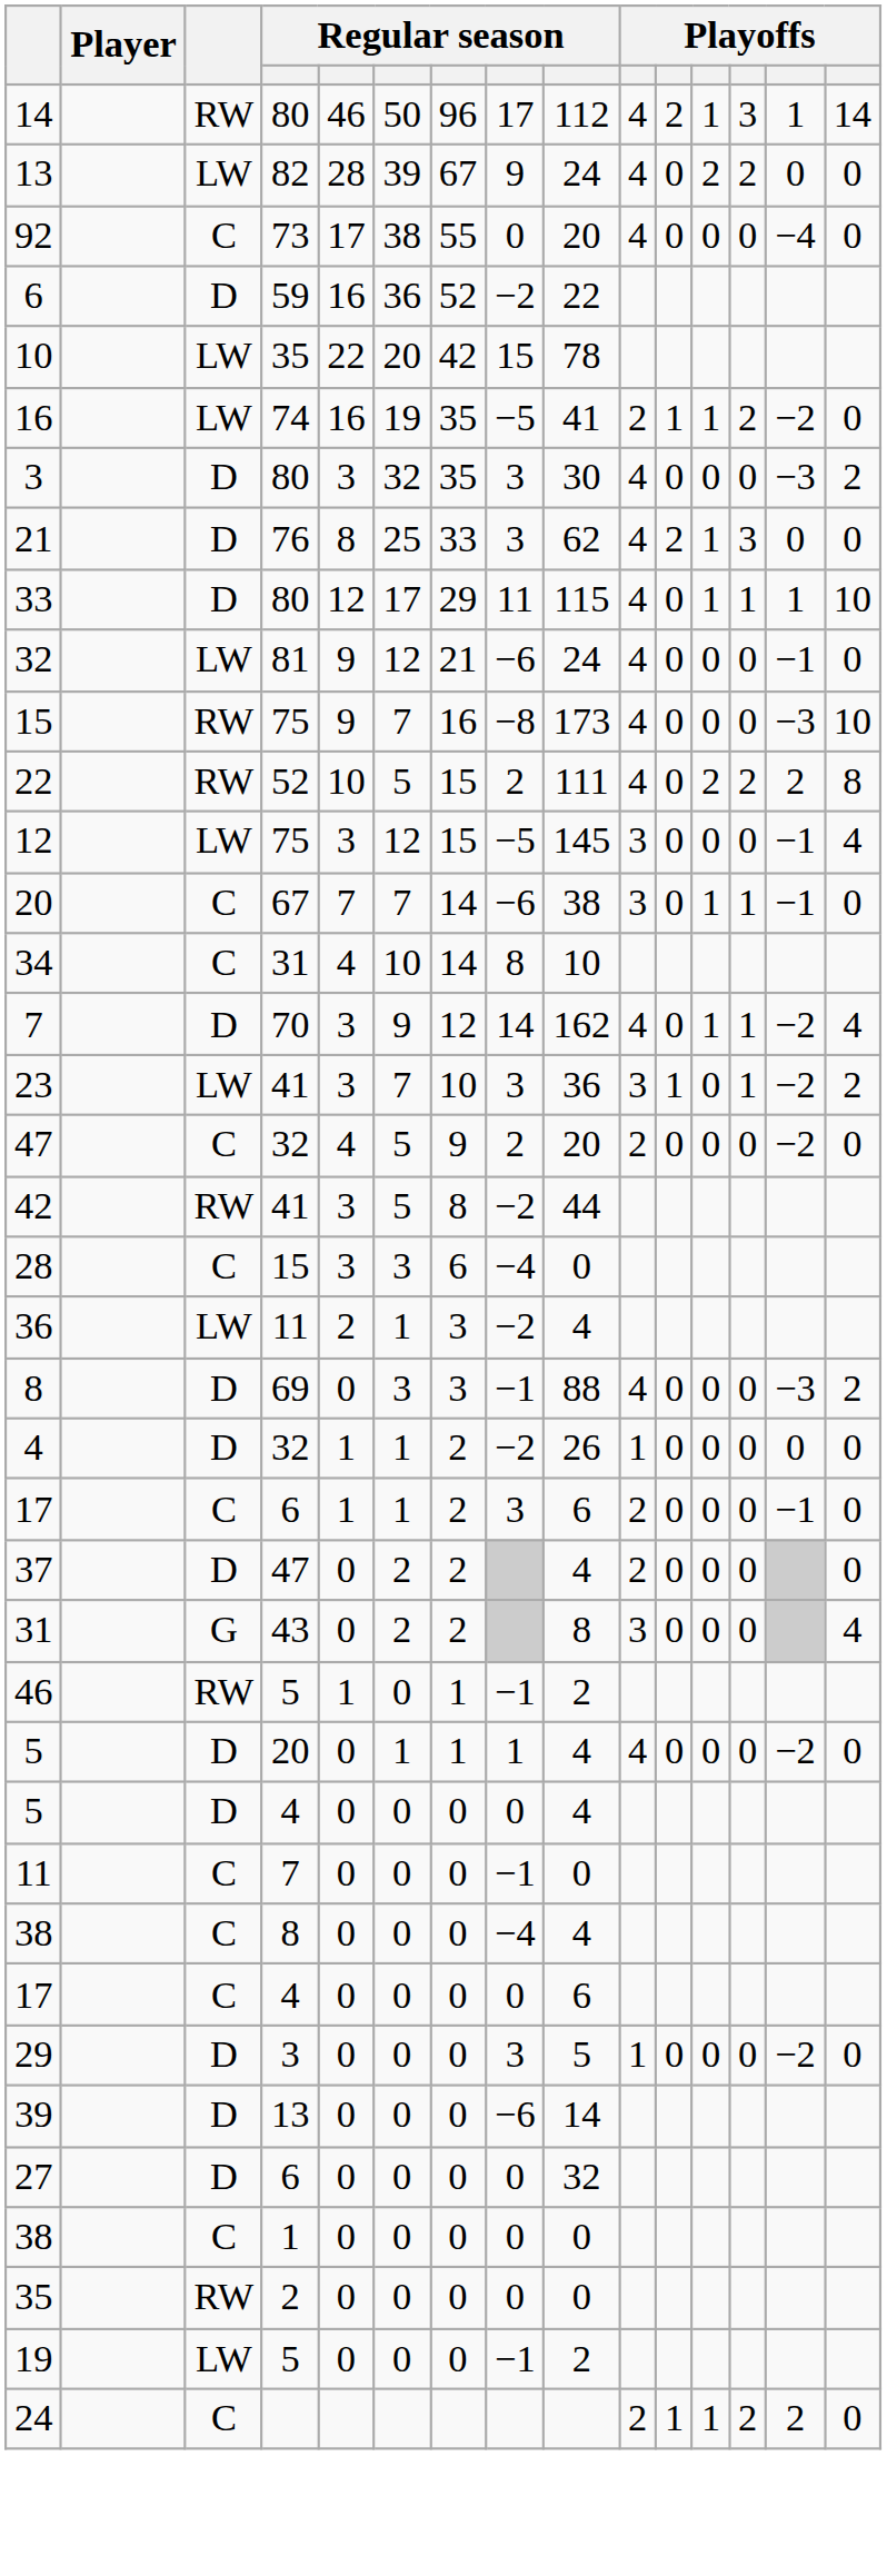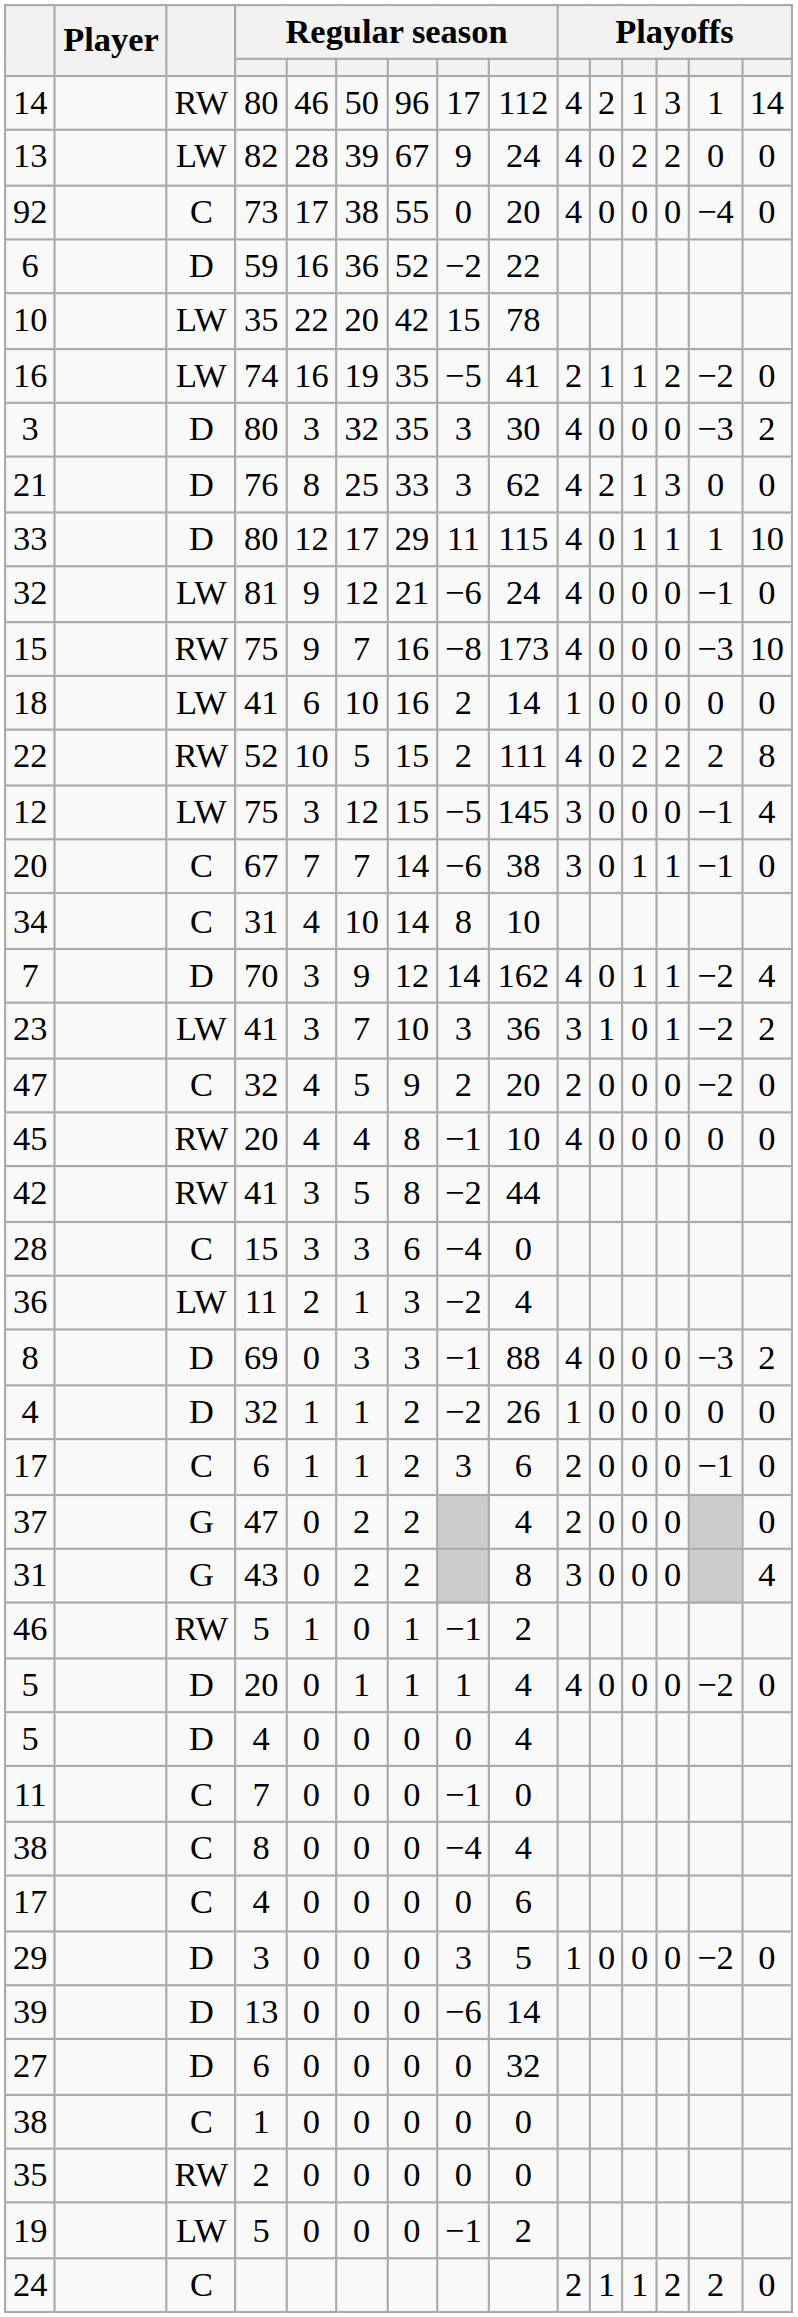 <table class="wikitable sortable plainrowheaders" style="text-align:center;">
 <tr>
 <th scope="col" data-sort-type="number" rowspan="2"></th>
 <th scope="col" rowspan="2">Player</th>
 <th scope="col" rowspan="2"></th>
 <th scope=colgroup colspan=6>Regular season</th>
 <th scope=colgroup colspan=6>Playoffs</th>
 </tr>
 <tr>
 <th scope="col" data-sort-type="number"></th>
 <th scope="col" data-sort-type="number"></th>
 <th scope="col" data-sort-type="number"></th>
 <th scope="col" data-sort-type="number"></th>
 <th scope="col" data-sort-type="number"></th>
 <th scope="col" data-sort-type="number"></th>
 <th scope="col" data-sort-type="number"></th>
 <th scope="col" data-sort-type="number"></th>
 <th scope="col" data-sort-type="number"></th>
 <th scope="col" data-sort-type="number"></th>
 <th scope="col" data-sort-type="number"></th>
 <th scope="col" data-sort-type="number"></th>
 </tr>
 <tr>
 <td scope="row">14</td>
 <td align="left"></td>
 <td>RW</td>
 <td>80</td>
 <td>46</td>
 <td>50</td>
 <td>96</td>
 <td>17</td>
 <td>112</td>
 <td>4</td>
 <td>2</td>
 <td>1</td>
 <td>3</td>
 <td>1</td>
 <td>14</td>
 </tr>
 <tr>
 <td scope="row">13</td>
 <td align="left"></td>
 <td>LW</td>
 <td>82</td>
 <td>28</td>
 <td>39</td>
 <td>67</td>
 <td>9</td>
 <td>24</td>
 <td>4</td>
 <td>0</td>
 <td>2</td>
 <td>2</td>
 <td>0</td>
 <td>0</td>
 </tr>
 <tr>
 <td scope="row">92</td>
 <td align="left"></td>
 <td>C</td>
 <td>73</td>
 <td>17</td>
 <td>38</td>
 <td>55</td>
 <td>0</td>
 <td>20</td>
 <td>4</td>
 <td>0</td>
 <td>0</td>
 <td>0</td>
 <td>−4</td>
 <td>0</td>
 </tr>
 <tr>
 <td scope="row">6</td>
 <td align="left"></td>
 <td>D</td>
 <td>59</td>
 <td>16</td>
 <td>36</td>
 <td>52</td>
 <td>−2</td>
 <td>22</td>
 <td></td>
 <td></td>
 <td></td>
 <td></td>
 <td></td>
 <td></td>
 </tr>
 <tr>
 <td scope="row">10</td>
 <td align="left"></td>
 <td>LW</td>
 <td>35</td>
 <td>22</td>
 <td>20</td>
 <td>42</td>
 <td>15</td>
 <td>78</td>
 <td></td>
 <td></td>
 <td></td>
 <td></td>
 <td></td>
 <td></td>
 </tr>
 <tr>
 <td scope="row">16</td>
 <td align="left"></td>
 <td>LW</td>
 <td>74</td>
 <td>16</td>
 <td>19</td>
 <td>35</td>
 <td>−5</td>
 <td>41</td>
 <td>2</td>
 <td>1</td>
 <td>1</td>
 <td>2</td>
 <td>−2</td>
 <td>0</td>
 </tr>
 <tr>
 <td scope="row">3</td>
 <td align="left"></td>
 <td>D</td>
 <td>80</td>
 <td>3</td>
 <td>32</td>
 <td>35</td>
 <td>3</td>
 <td>30</td>
 <td>4</td>
 <td>0</td>
 <td>0</td>
 <td>0</td>
 <td>−3</td>
 <td>2</td>
 </tr>
 <tr>
 <td scope="row">21</td>
 <td align="left"></td>
 <td>D</td>
 <td>76</td>
 <td>8</td>
 <td>25</td>
 <td>33</td>
 <td>3</td>
 <td>62</td>
 <td>4</td>
 <td>2</td>
 <td>1</td>
 <td>3</td>
 <td>0</td>
 <td>0</td>
 </tr>
 <tr>
 <td scope="row">33</td>
 <td align="left"></td>
 <td>D</td>
 <td>80</td>
 <td>12</td>
 <td>17</td>
 <td>29</td>
 <td>11</td>
 <td>115</td>
 <td>4</td>
 <td>0</td>
 <td>1</td>
 <td>1</td>
 <td>1</td>
 <td>10</td>
 </tr>
 <tr>
 <td scope="row">32</td>
 <td align="left"></td>
 <td>LW</td>
 <td>81</td>
 <td>9</td>
 <td>12</td>
 <td>21</td>
 <td>−6</td>
 <td>24</td>
 <td>4</td>
 <td>0</td>
 <td>0</td>
 <td>0</td>
 <td>−1</td>
 <td>0</td>
 </tr>
 <tr>
 <td scope="row">15</td>
 <td align="left"></td>
 <td>RW</td>
 <td>75</td>
 <td>9</td>
 <td>7</td>
 <td>16</td>
 <td>−8</td>
 <td>173</td>
 <td>4</td>
 <td>0</td>
 <td>0</td>
 <td>0</td>
 <td>−3</td>
 <td>10</td>
 </tr>
 <tr>
+<td scope="row">18</td>
+<td align="left"></td>
+<td>LW</td>
+<td>41</td>
+<td>6</td>
+<td>10</td>
+<td>16</td>
+<td>2</td>
+<td>14</td>
+<td>1</td>
+<td>0</td>
+<td>0</td>
+<td>0</td>
+<td>0</td>
+<td>0</td>
+</tr>
+<tr>
 <td scope="row">22</td>
 <td align="left"></td>
 <td>RW</td>
 <td>52</td>
 <td>10</td>
 <td>5</td>
 <td>15</td>
 <td>2</td>
 <td>111</td>
 <td>4</td>
 <td>0</td>
 <td>2</td>
 <td>2</td>
 <td>2</td>
 <td>8</td>
 </tr>
 <tr>
 <td scope="row">12</td>
 <td align="left"></td>
 <td>LW</td>
 <td>75</td>
 <td>3</td>
 <td>12</td>
 <td>15</td>
 <td>−5</td>
 <td>145</td>
 <td>3</td>
 <td>0</td>
 <td>0</td>
 <td>0</td>
 <td>−1</td>
 <td>4</td>
 </tr>
 <tr>
 <td scope="row">20</td>
 <td align="left"></td>
 <td>C</td>
 <td>67</td>
 <td>7</td>
 <td>7</td>
 <td>14</td>
 <td>−6</td>
 <td>38</td>
 <td>3</td>
 <td>0</td>
 <td>1</td>
 <td>1</td>
 <td>−1</td>
 <td>0</td>
 </tr>
 <tr>
 <td scope="row">34</td>
 <td align="left"></td>
 <td>C</td>
 <td>31</td>
 <td>4</td>
 <td>10</td>
 <td>14</td>
 <td>8</td>
 <td>10</td>
 <td></td>
 <td></td>
 <td></td>
 <td></td>
 <td></td>
 <td></td>
 </tr>
 <tr>
 <td scope="row">7</td>
 <td align="left"></td>
 <td>D</td>
 <td>70</td>
 <td>3</td>
 <td>9</td>
 <td>12</td>
 <td>14</td>
 <td>162</td>
 <td>4</td>
 <td>0</td>
 <td>1</td>
 <td>1</td>
 <td>−2</td>
 <td>4</td>
 </tr>
 <tr>
 <td scope="row">23</td>
 <td align="left"></td>
 <td>LW</td>
 <td>41</td>
 <td>3</td>
 <td>7</td>
 <td>10</td>
 <td>3</td>
 <td>36</td>
 <td>3</td>
 <td>1</td>
 <td>0</td>
 <td>1</td>
 <td>−2</td>
 <td>2</td>
 </tr>
 <tr>
 <td scope="row">47</td>
 <td align="left"></td>
 <td>C</td>
 <td>32</td>
 <td>4</td>
 <td>5</td>
 <td>9</td>
 <td>2</td>
 <td>20</td>
 <td>2</td>
 <td>0</td>
 <td>0</td>
 <td>0</td>
 <td>−2</td>
 <td>0</td>
 </tr>
 <tr>
+<td scope="row">45</td>
+<td align="left"></td>
+<td>RW</td>
+<td>20</td>
+<td>4</td>
+<td>4</td>
+<td>8</td>
+<td>−1</td>
+<td>10</td>
+<td>4</td>
+<td>0</td>
+<td>0</td>
+<td>0</td>
+<td>0</td>
+<td>0</td>
+</tr>
+<tr>
 <td scope="row">42</td>
 <td align="left"></td>
 <td>RW</td>
 <td>41</td>
 <td>3</td>
 <td>5</td>
 <td>8</td>
 <td>−2</td>
 <td>44</td>
 <td></td>
 <td></td>
 <td></td>
 <td></td>
 <td></td>
 <td></td>
 </tr>
 <tr>
 <td scope="row">28</td>
 <td align="left"></td>
 <td>C</td>
 <td>15</td>
 <td>3</td>
 <td>3</td>
 <td>6</td>
 <td>−4</td>
 <td>0</td>
 <td></td>
 <td></td>
 <td></td>
 <td></td>
 <td></td>
 <td></td>
 </tr>
 <tr>
 <td scope="row">36</td>
 <td align="left"></td>
 <td>LW</td>
 <td>11</td>
 <td>2</td>
 <td>1</td>
 <td>3</td>
 <td>−2</td>
 <td>4</td>
 <td></td>
 <td></td>
 <td></td>
 <td></td>
 <td></td>
 <td></td>
 </tr>
 <tr>
 <td scope="row">8</td>
 <td align="left"></td>
 <td>D</td>
 <td>69</td>
 <td>0</td>
 <td>3</td>
 <td>3</td>
 <td>−1</td>
 <td>88</td>
 <td>4</td>
 <td>0</td>
 <td>0</td>
 <td>0</td>
 <td>−3</td>
 <td>2</td>
 </tr>
 <tr>
 <td scope="row">4</td>
 <td align="left"></td>
 <td>D</td>
 <td>32</td>
 <td>1</td>
 <td>1</td>
 <td>2</td>
 <td>−2</td>
 <td>26</td>
 <td>1</td>
 <td>0</td>
 <td>0</td>
 <td>0</td>
 <td>0</td>
 <td>0</td>
 </tr>
 <tr>
 <td scope="row">17</td>
 <td align="left"></td>
 <td>C</td>
 <td>6</td>
 <td>1</td>
 <td>1</td>
 <td>2</td>
 <td>3</td>
 <td>6</td>
 <td>2</td>
 <td>0</td>
 <td>0</td>
 <td>0</td>
 <td>−1</td>
 <td>0</td>
 </tr>
 <tr>
 <td scope="row">37</td>
 <td align="left"></td>
-<td>D</td>
+<td>G</td>
 <td>47</td>
 <td>0</td>
 <td>2</td>
 <td>2</td>
 <td style="background:#ccc"></td>
 <td>4</td>
 <td>2</td>
 <td>0</td>
 <td>0</td>
 <td>0</td>
 <td style="background:#ccc"></td>
 <td>0</td>
 </tr>
 <tr>
 <td scope="row">31</td>
 <td align="left"></td>
 <td>G</td>
 <td>43</td>
 <td>0</td>
 <td>2</td>
 <td>2</td>
 <td style="background:#ccc"></td>
 <td>8</td>
 <td>3</td>
 <td>0</td>
 <td>0</td>
 <td>0</td>
 <td style="background:#ccc"></td>
 <td>4</td>
 </tr>
 <tr>
 <td scope="row">46</td>
 <td align="left"></td>
 <td>RW</td>
 <td>5</td>
 <td>1</td>
 <td>0</td>
 <td>1</td>
 <td>−1</td>
 <td>2</td>
 <td></td>
 <td></td>
 <td></td>
 <td></td>
 <td></td>
 <td></td>
 </tr>
 <tr>
 <td scope="row">5</td>
 <td align="left"></td>
 <td>D</td>
 <td>20</td>
 <td>0</td>
 <td>1</td>
 <td>1</td>
 <td>1</td>
 <td>4</td>
 <td>4</td>
 <td>0</td>
 <td>0</td>
 <td>0</td>
 <td>−2</td>
 <td>0</td>
 </tr>
 <tr>
 <td scope="row">5</td>
 <td align="left"></td>
 <td>D</td>
 <td>4</td>
 <td>0</td>
 <td>0</td>
 <td>0</td>
 <td>0</td>
 <td>4</td>
 <td></td>
 <td></td>
 <td></td>
 <td></td>
 <td></td>
 <td></td>
 </tr>
 <tr>
 <td scope="row">11</td>
 <td align="left"></td>
 <td>C</td>
 <td>7</td>
 <td>0</td>
 <td>0</td>
 <td>0</td>
 <td>−1</td>
 <td>0</td>
 <td></td>
 <td></td>
 <td></td>
 <td></td>
 <td></td>
 <td></td>
 </tr>
 <tr>
 <td scope="row">38</td>
 <td align="left"></td>
 <td>C</td>
 <td>8</td>
 <td>0</td>
 <td>0</td>
 <td>0</td>
 <td>−4</td>
 <td>4</td>
 <td></td>
 <td></td>
 <td></td>
 <td></td>
 <td></td>
 <td></td>
 </tr>
 <tr>
 <td scope="row">17</td>
 <td align="left"></td>
 <td>C</td>
 <td>4</td>
 <td>0</td>
 <td>0</td>
 <td>0</td>
 <td>0</td>
 <td>6</td>
 <td></td>
 <td></td>
 <td></td>
 <td></td>
 <td></td>
 <td></td>
 </tr>
 <tr>
 <td scope="row">29</td>
 <td align="left"></td>
 <td>D</td>
 <td>3</td>
 <td>0</td>
 <td>0</td>
 <td>0</td>
 <td>3</td>
 <td>5</td>
 <td>1</td>
 <td>0</td>
 <td>0</td>
 <td>0</td>
 <td>−2</td>
 <td>0</td>
 </tr>
 <tr>
 <td scope="row">39</td>
 <td align="left"></td>
 <td>D</td>
 <td>13</td>
 <td>0</td>
 <td>0</td>
 <td>0</td>
 <td>−6</td>
 <td>14</td>
 <td></td>
 <td></td>
 <td></td>
 <td></td>
 <td></td>
 <td></td>
 </tr>
 <tr>
 <td scope="row">27</td>
 <td align="left"></td>
 <td>D</td>
 <td>6</td>
 <td>0</td>
 <td>0</td>
 <td>0</td>
 <td>0</td>
 <td>32</td>
 <td></td>
 <td></td>
 <td></td>
 <td></td>
 <td></td>
 <td></td>
 </tr>
 <tr>
 <td scope="row">38</td>
 <td align="left"></td>
 <td>C</td>
 <td>1</td>
 <td>0</td>
 <td>0</td>
 <td>0</td>
 <td>0</td>
 <td>0</td>
 <td></td>
 <td></td>
 <td></td>
 <td></td>
 <td></td>
 <td></td>
 </tr>
 <tr>
 <td scope="row">35</td>
 <td align="left"></td>
 <td>RW</td>
 <td>2</td>
 <td>0</td>
 <td>0</td>
 <td>0</td>
 <td>0</td>
 <td>0</td>
 <td></td>
 <td></td>
 <td></td>
 <td></td>
 <td></td>
 <td></td>
 </tr>
 <tr>
 <td scope="row">19</td>
 <td align="left"></td>
 <td>LW</td>
 <td>5</td>
 <td>0</td>
 <td>0</td>
 <td>0</td>
 <td>−1</td>
 <td>2</td>
 <td></td>
 <td></td>
 <td></td>
 <td></td>
 <td></td>
 <td></td>
 </tr>
 <tr>
 <td scope="row">24</td>
 <td align="left"></td>
 <td>C</td>
 <td></td>
 <td></td>
 <td></td>
 <td></td>
 <td></td>
 <td></td>
 <td>2</td>
 <td>1</td>
 <td>1</td>
 <td>2</td>
 <td>2</td>
 <td>0</td>
 </tr>
 </table>
